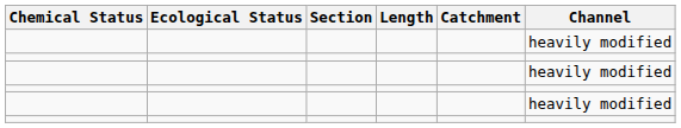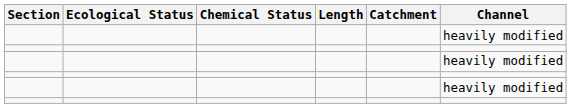 <table class="wikitable">
 <tr>
+<th>Section</th>
+<th>Ecological Status</th>
 <th>Chemical Status</th>
-<th>Ecological Status</th>
-<th>Section</th>
 <th>Length</th>
 <th>Catchment</th>
 <th>Channel</th>
 </tr>
 <tr>
 <td></td>
 <td></td>
 <td></td>
 <td></td>
 <td></td>
 <td>heavily modified</td>
 </tr>
 <tr>
 <td></td>
 <td></td>
 <td></td>
 <td></td>
 <td></td>
 <td></td>
 </tr>
 <tr>
 <td></td>
 <td></td>
 <td></td>
 <td></td>
 <td></td>
 <td>heavily modified</td>
 </tr>
 <tr>
 <td></td>
 <td></td>
 <td></td>
 <td></td>
 <td></td>
 <td></td>
 </tr>
 <tr>
 <td></td>
 <td></td>
 <td></td>
 <td></td>
 <td></td>
 <td>heavily modified</td>
 </tr>
 <tr>
 <td></td>
 <td></td>
 <td></td>
 <td></td>
 <td></td>
 <td></td>
 </tr>
 </table>
